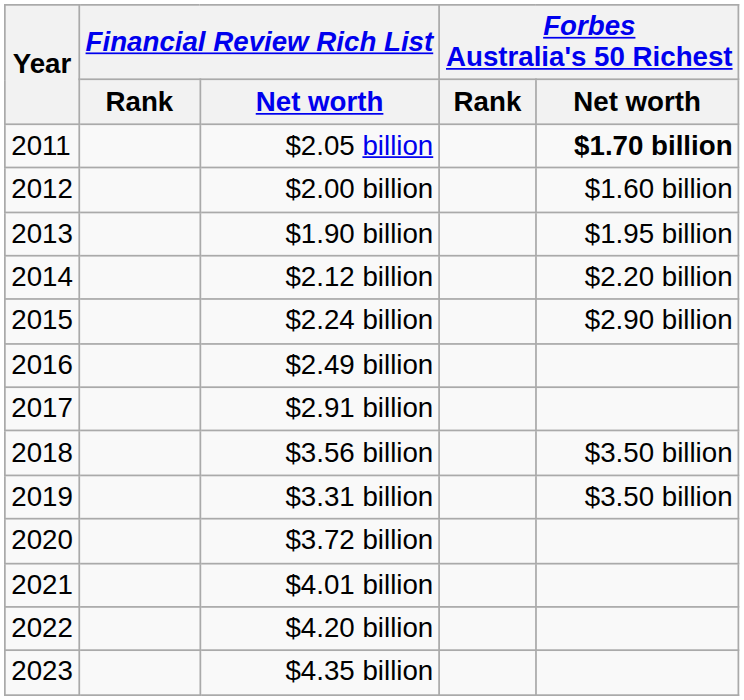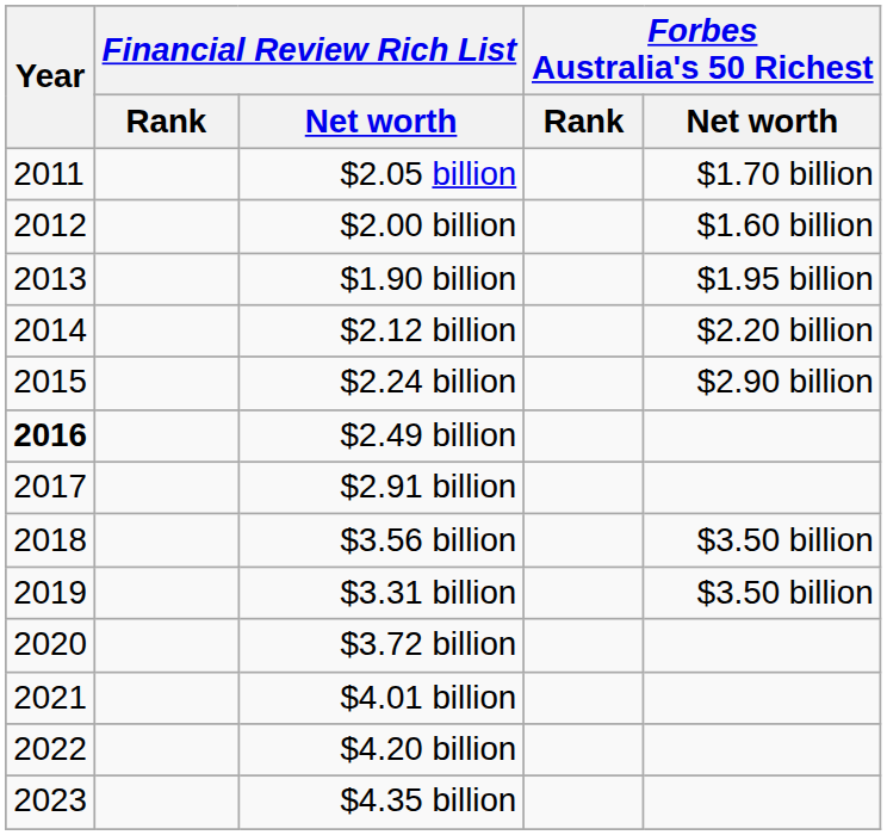 <table class="wikitable">
 <tr>
 <th rowspan=2>Year</th>
 <th colspan=2><em><a href='#'>Financial Review Rich List</a></em></th>
 <th colspan=2><em><a href='#'>Forbes</a></em><br><a href='#'>Australia's 50 Richest</a></th>
 </tr>
 <tr>
 <th>Rank</th>
 <th><a href='#'>Net worth</a><br></th>
 <th>Rank</th>
 <th>Net worth<br></th>
 </tr>
 <tr>
 <td>2011</td>
 <td align="center"> </td>
 <td align="right">$2.05 <a href='#'>billion</a> </td>
 <td align="center"> </td>
-<td align="right"><strong>$1.70 billion </strong></td>
+<td align="right">$1.70 billion </td>
 </tr>
 <tr>
 <td>2012</td>
 <td align="center"> </td>
 <td align="right">$2.00 billion </td>
 <td align="center"> </td>
 <td align="right">$1.60 billion </td>
 </tr>
 <tr>
 <td>2013</td>
 <td align="center"> </td>
 <td align="right">$1.90 billion </td>
 <td align="center"> </td>
 <td align="right">$1.95 billion </td>
 </tr>
 <tr>
 <td>2014</td>
 <td align="center"> </td>
 <td align="right">$2.12 billion </td>
 <td align="center"> </td>
 <td align="right">$2.20 billion </td>
 </tr>
 <tr>
 <td>2015</td>
 <td align="center"> </td>
 <td align="right">$2.24 billion </td>
 <td align="center"> </td>
 <td align="right">$2.90 billion </td>
 </tr>
 <tr>
-<td>2016</td>
+<td><strong>2016</strong></td>
 <td align="center"> </td>
 <td align="right">$2.49 billion </td>
 <td align="center"></td>
 <td align="right"></td>
 </tr>
 <tr>
 <td>2017</td>
 <td align="center"> </td>
 <td align="right">$2.91 billion </td>
 <td align="center"></td>
 <td align="right"></td>
 </tr>
 <tr>
 <td>2018</td>
 <td align="center"> </td>
 <td align="right">$3.56 billion </td>
 <td align="center"></td>
 <td align="right">$3.50 billion</td>
 </tr>
 <tr>
 <td>2019</td>
 <td align="center"> </td>
 <td align="right">$3.31 billion </td>
 <td align="center"> </td>
 <td align="right">$3.50 billion </td>
 </tr>
 <tr>
 <td>2020</td>
 <td align="center"></td>
 <td align="right">$3.72 billion </td>
 <td align="center"></td>
 <td align="right"></td>
 </tr>
 <tr>
 <td>2021</td>
 <td align="center"></td>
 <td align="right">$4.01 billion </td>
 <td align="center"></td>
 <td align="right"></td>
 </tr>
 <tr>
 <td>2022</td>
 <td align="center"></td>
 <td align="right">$4.20 billion </td>
 <td align="center"></td>
 <td align="right"></td>
 </tr>
 <tr>
 <td>2023</td>
 <td align="center"></td>
 <td align="right">$4.35 billion </td>
 <td align="center"></td>
 <td align="right"></td>
 </tr>
 </table>
